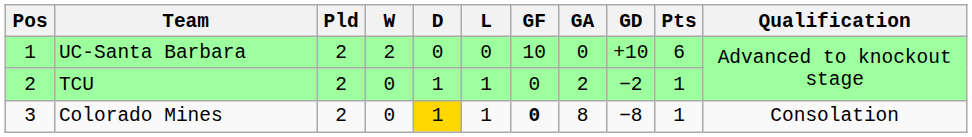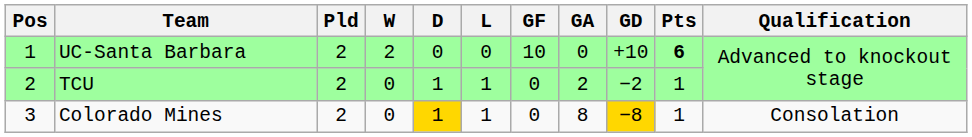 <table class="wikitable" style="text-align:center; margin: 1em auto">
 <tr>
 <th style="width:2em">Pos</th>
 <th style="width:13em">Team</th>
 <th style="width:2em">Pld</th>
 <th style="width:2em">W</th>
 <th style="width:2em">D</th>
 <th style="width:2em">L</th>
 <th style="width:2em">GF</th>
 <th style="width:2em">GA</th>
 <th style="width:2em">GD</th>
 <th style="width:2em">Pts</th>
 <th style="width:13em">Qualification</th>
 </tr>
 <tr bgcolor="#9eff9e">
 <td>1</td>
 <td style="text-align:left">UC-Santa Barbara</td>
 <td>2</td>
 <td>2</td>
 <td>0</td>
 <td>0</td>
 <td>10</td>
 <td>0</td>
 <td>+10</td>
-<td>6</td>
+<td><strong>6</strong></td>
 <td rowspan="2">Advanced to knockout stage</td>
 </tr>
 <tr bgcolor="#9eff9e">
 <td>2</td>
 <td style="text-align:left">TCU</td>
 <td>2</td>
 <td>0</td>
 <td>1</td>
 <td>1</td>
 <td>0</td>
 <td>2</td>
 <td>−2</td>
 <td>1</td>
 </tr>
 <tr>
 <td>3</td>
 <td style="text-align:left">Colorado Mines</td>
 <td>2</td>
 <td>0</td>
 <td style="background: gold;">1</td>
 <td>1</td>
-<td><strong>0</strong></td>
+<td>0</td>
 <td>8</td>
-<td>−8</td>
+<td style="background: gold;">−8</td>
 <td>1</td>
 <td>Consolation</td>
 </tr>
 </table>
